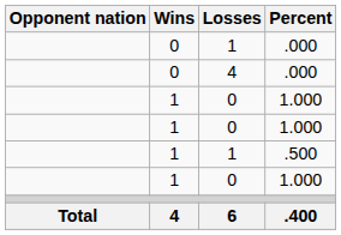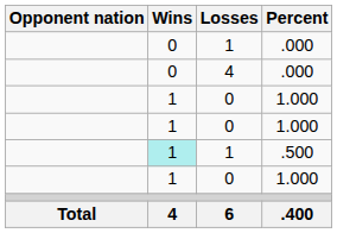 <table class=wikitable>
 <tr>
 <th>Opponent nation</th>
 <th>Wins</th>
 <th>Losses</th>
 <th>Percent</th>
 </tr>
 <tr align=center>
 <td align=left></td>
 <td>0</td>
 <td>1</td>
 <td>.000</td>
 </tr>
 <tr align=center>
 <td align=left></td>
 <td>0</td>
 <td>4</td>
 <td>.000</td>
 </tr>
 <tr align=center>
 <td align=left></td>
 <td>1</td>
 <td>0</td>
 <td>1.000</td>
 </tr>
 <tr align=center>
 <td align=left></td>
 <td>1</td>
 <td>0</td>
 <td>1.000</td>
 </tr>
 <tr align=center>
 <td align=left></td>
-<td>1</td>
+<td style="background: paleturquoise;">1</td>
 <td>1</td>
 <td>.500</td>
 </tr>
 <tr align=center>
 <td align=left></td>
 <td>1</td>
 <td>0</td>
 <td>1.000</td>
 </tr>
 <tr>
 <td colspan=4 bgcolor=lightgray></td>
 </tr>
 <tr>
 <th>Total</th>
 <th>4</th>
 <th>6</th>
 <th>.400</th>
 </tr>
 </table>
